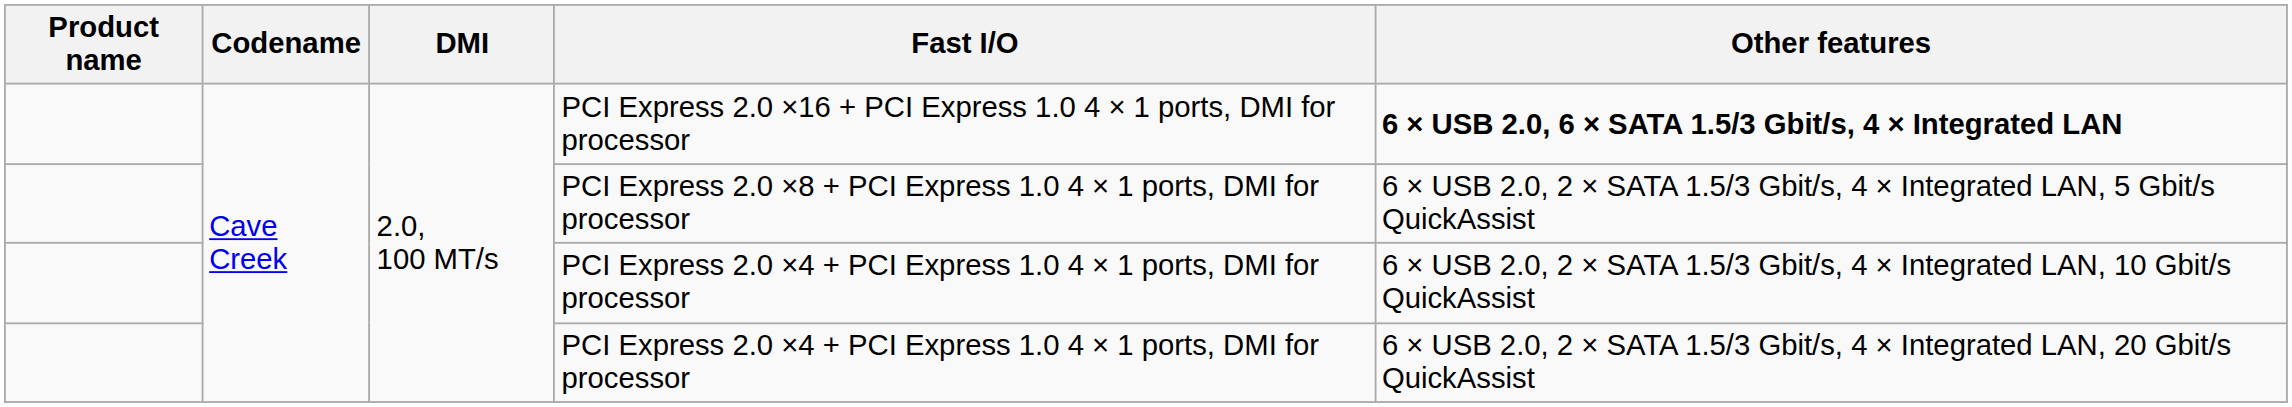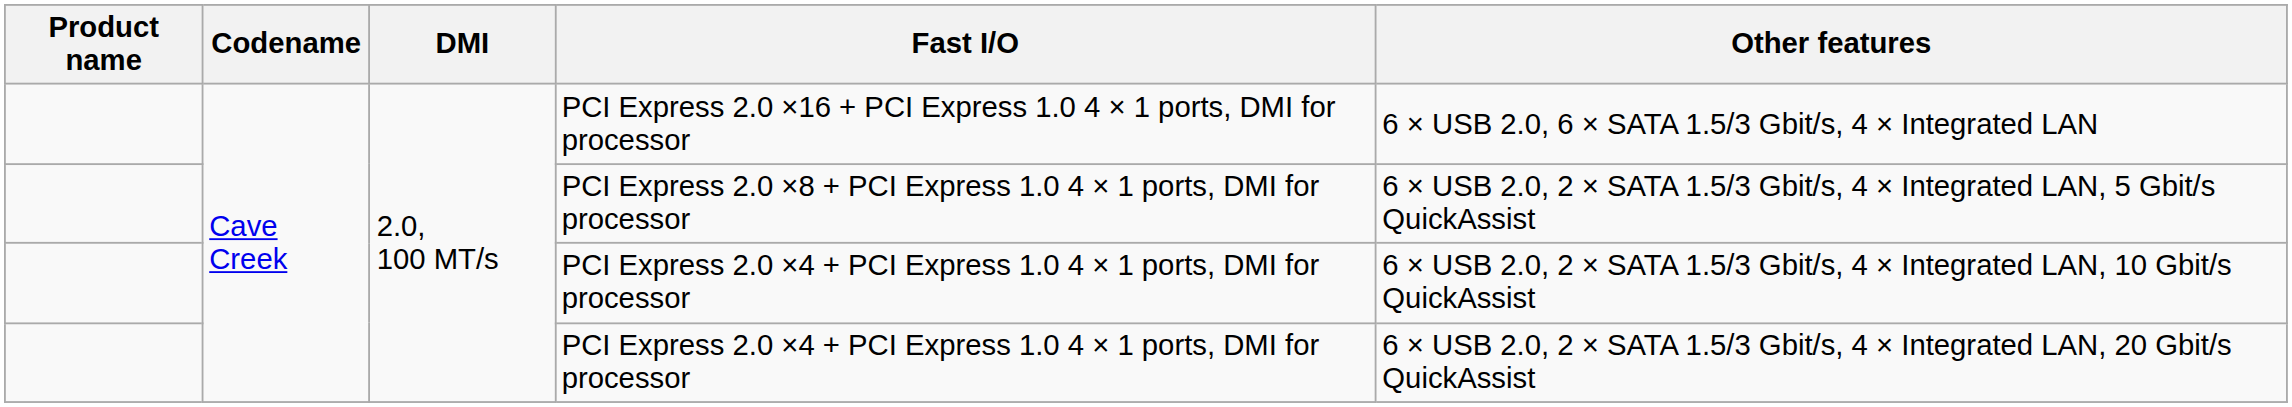 <table class="wikitable">
 <tr>
 <th>Product name</th>
 <th>Codename</th>
 <th>DMI</th>
 <th>Fast I/O</th>
 <th>Other features</th>
 </tr>
 <tr>
 <td></td>
 <td rowspan=4><a href='#'>Cave Creek</a></td>
 <td rowspan=4>2.0, 100 MT/s</td>
 <td>PCI Express 2.0 ×16 + PCI Express 1.0 4 × 1 ports, DMI for processor</td>
-<td><strong>6 × USB 2.0, 6 × SATA 1.5/3 Gbit/s, 4 × Integrated LAN</strong></td>
+<td>6 × USB 2.0, 6 × SATA 1.5/3 Gbit/s, 4 × Integrated LAN</td>
 </tr>
 <tr>
 <td></td>
 <td>PCI Express 2.0 ×8 + PCI Express 1.0 4 × 1 ports, DMI for processor</td>
 <td>6 × USB 2.0, 2 × SATA 1.5/3 Gbit/s, 4 × Integrated LAN, 5 Gbit/s QuickAssist</td>
 </tr>
 <tr>
 <td></td>
 <td>PCI Express 2.0 ×4 + PCI Express 1.0 4 × 1 ports, DMI for processor</td>
 <td>6 × USB 2.0, 2 × SATA 1.5/3 Gbit/s, 4 × Integrated LAN, 10 Gbit/s QuickAssist</td>
 </tr>
 <tr>
 <td></td>
 <td>PCI Express 2.0 ×4 + PCI Express 1.0 4 × 1 ports, DMI for processor</td>
 <td>6 × USB 2.0, 2 × SATA 1.5/3 Gbit/s, 4 × Integrated LAN, 20 Gbit/s QuickAssist</td>
 </tr>
 </table>
